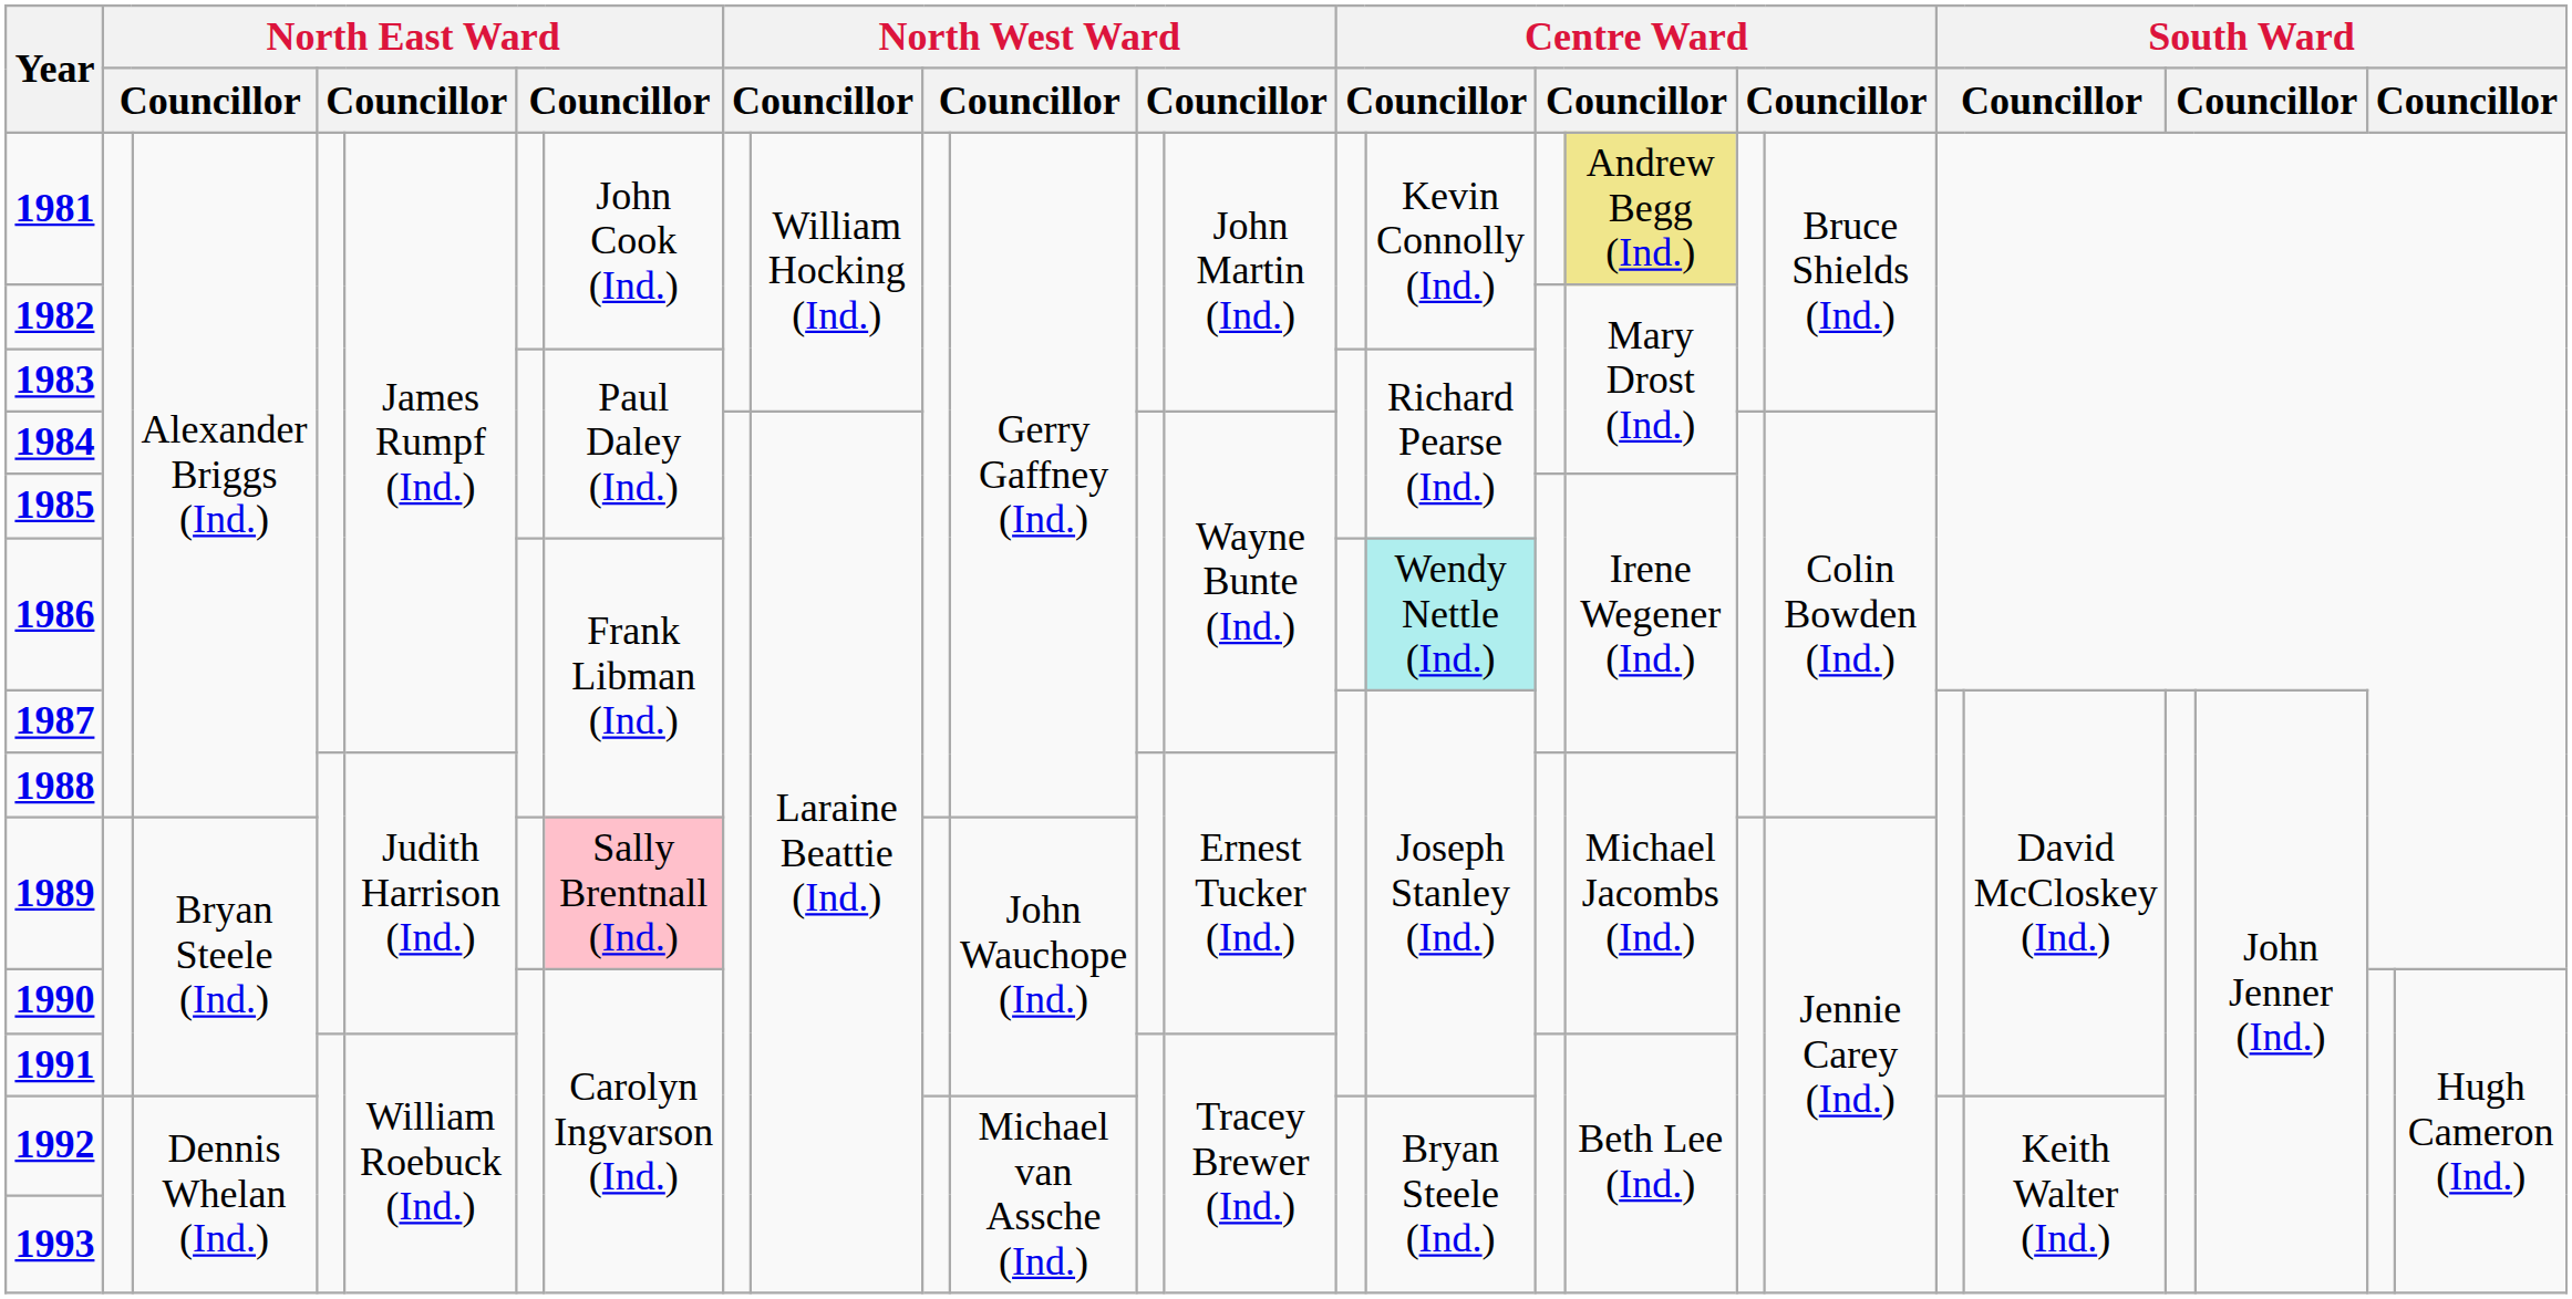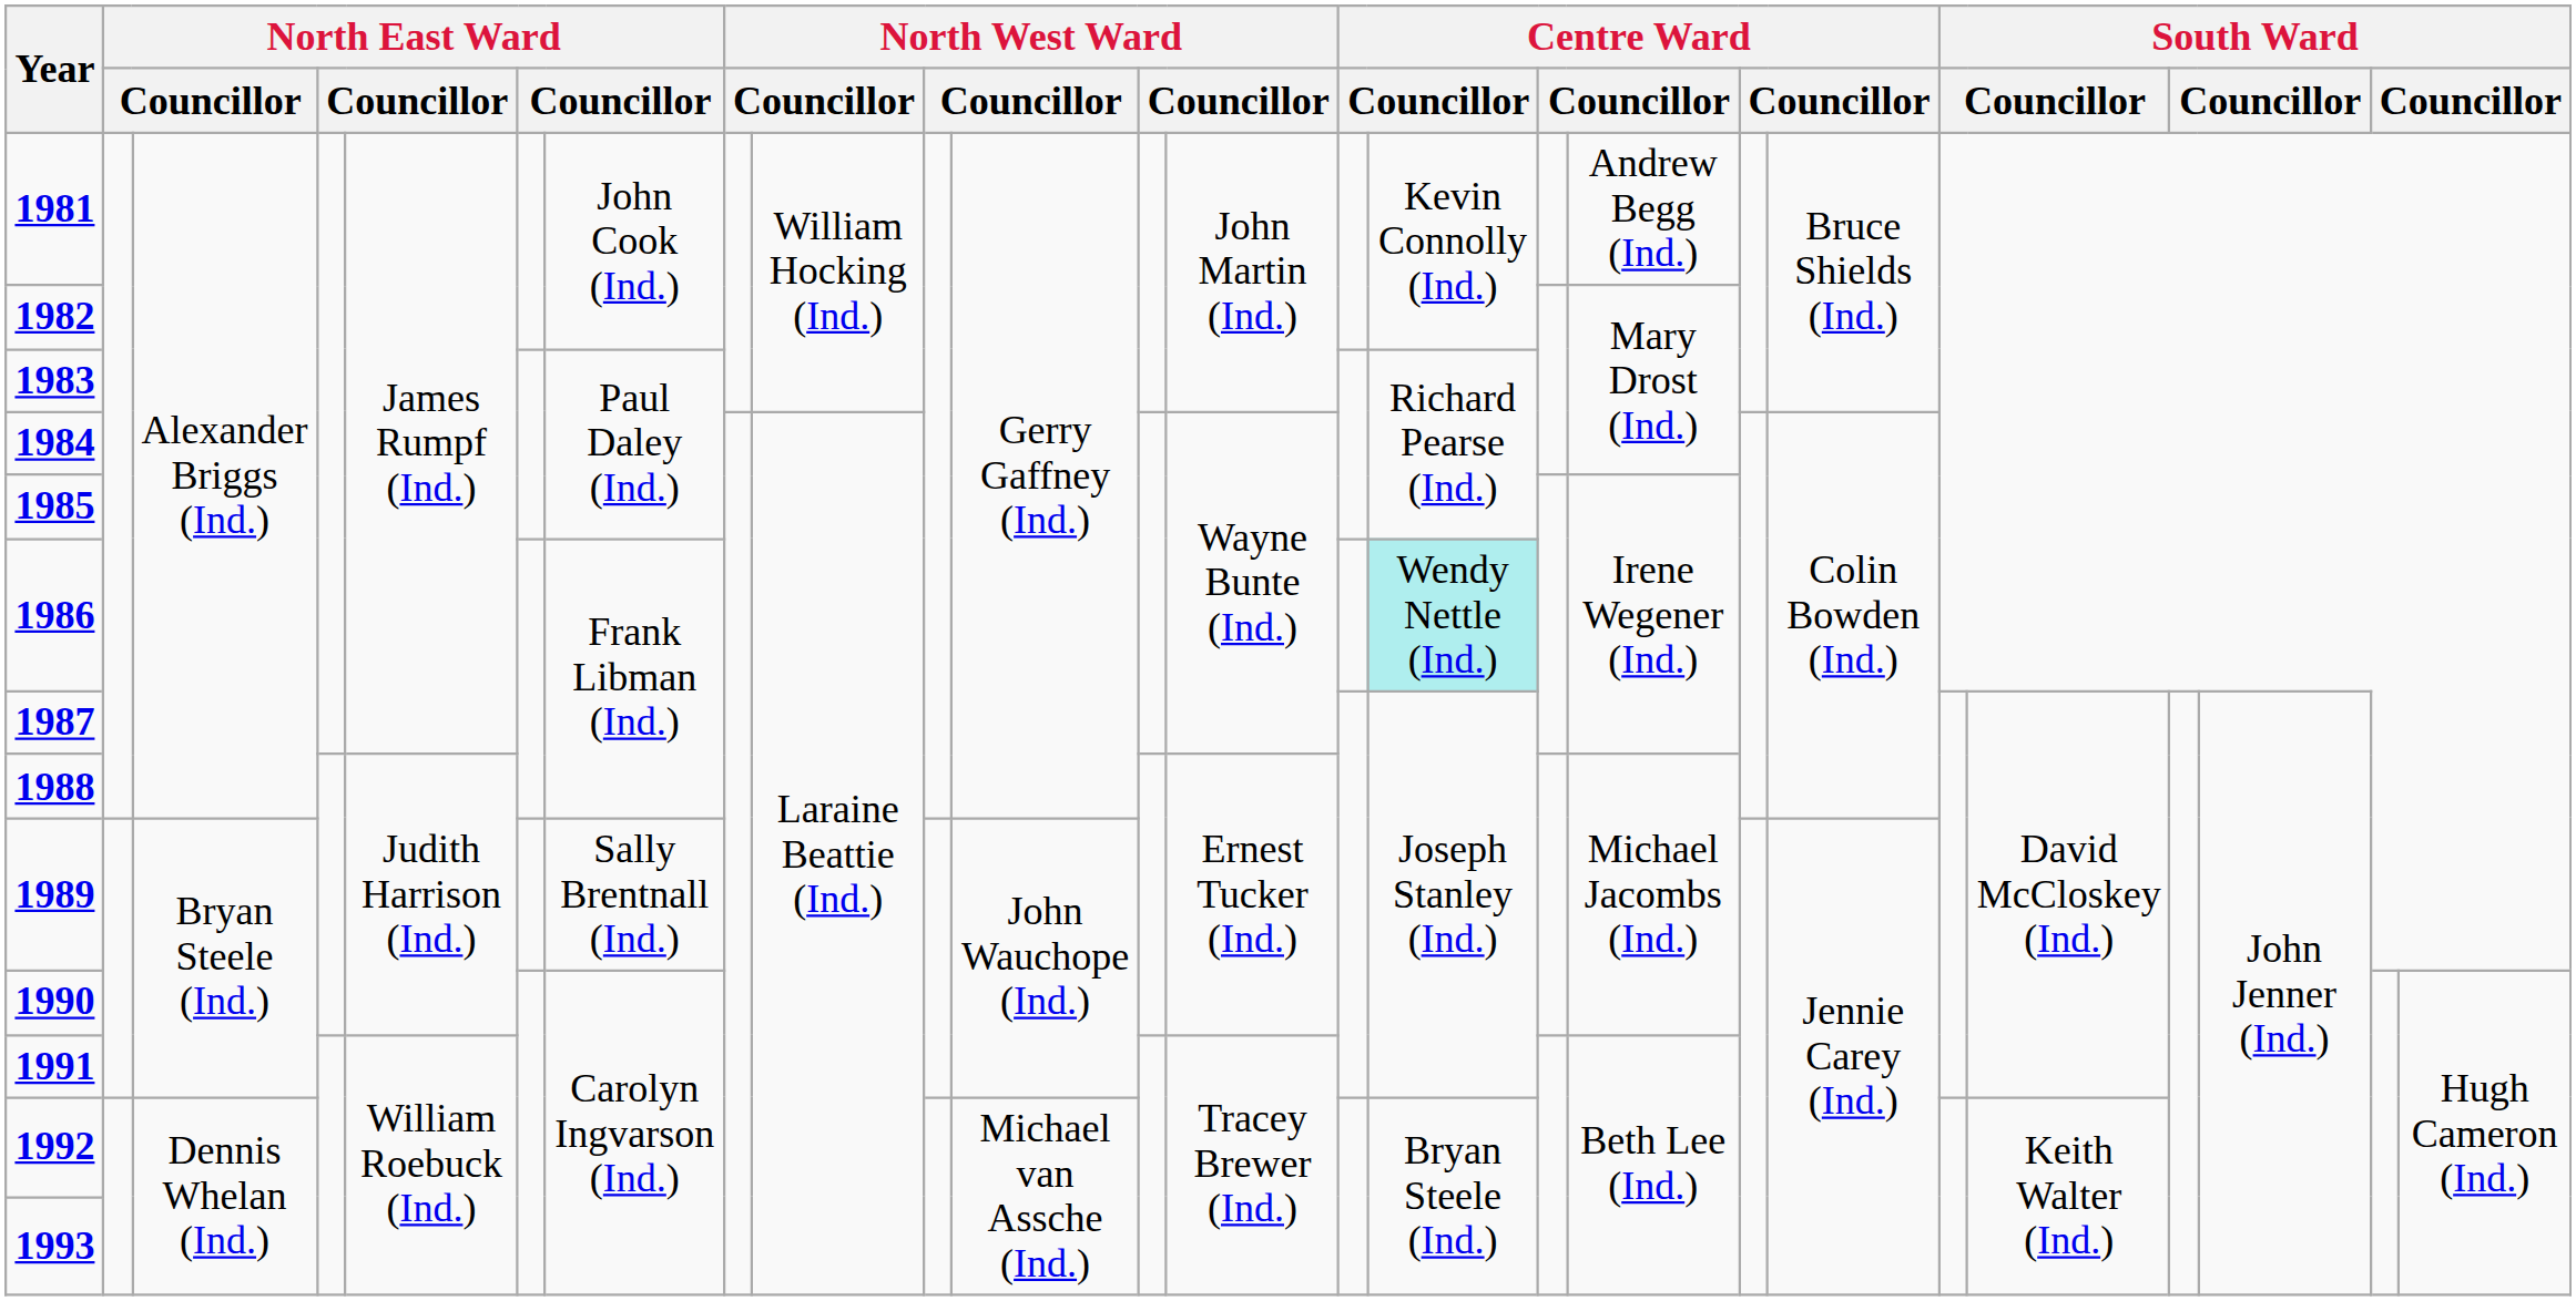 <table class="wikitable">
 <tr>
 <th rowspan="2">Year</th>
 <th style="color:crimson"; colspan="6">North East Ward</th>
 <th style="color:crimson"; colspan="6">North West Ward</th>
 <th style="color:crimson"; colspan="6">Centre Ward</th>
 <th style="color:crimson"; colspan="6">South Ward</th>
 </tr>
 <tr>
 <th colspan="2">Councillor</th>
 <th colspan="2">Councillor</th>
 <th colspan="2">Councillor</th>
 <th colspan="2">Councillor</th>
 <th colspan="2">Councillor</th>
 <th colspan="2">Councillor</th>
 <th colspan="2">Councillor</th>
 <th colspan="2">Councillor</th>
 <th colspan="2">Councillor</th>
 <th colspan="2">Councillor</th>
 <th colspan="2">Councillor</th>
 <th colspan="2">Councillor</th>
 </tr>
 <tr>
 <td><strong><a href='#'>1981</a></strong></td>
 <td rowspan="8" width="1px" > </td>
 <td rowspan="8"; align="center">Alexander Briggs <br> (<a href='#'>Ind.</a>)</td>
 <td rowspan="7" width="1px" > </td>
 <td rowspan="7"; align="center">James Rumpf <br> (<a href='#'>Ind.</a>)</td>
 <td rowspan="2" width="1px" > </td>
 <td rowspan="2"; align="center">John Cook <br> (<a href='#'>Ind.</a>)</td>
 <td rowspan="3" width="1px" > </td>
 <td rowspan="3"; align="center">William Hocking <br> (<a href='#'>Ind.</a>)</td>
 <td rowspan="8" width="1px" > </td>
 <td rowspan="8"; align="center">Gerry Gaffney <br> (<a href='#'>Ind.</a>)</td>
 <td rowspan="3" width="1px" > </td>
 <td rowspan="3"; align="center">John Martin <br> (<a href='#'>Ind.</a>)</td>
 <td rowspan="2" width="1px" > </td>
 <td rowspan="2"; align="center">Kevin Connolly <br> (<a href='#'>Ind.</a>)</td>
 <td rowspan="1" width="1px" > </td>
-<td rowspan="1"; align="center" style="background: khaki;">Andrew Begg <br> (<a href='#'>Ind.</a>)</td>
+<td rowspan="1"; align="center">Andrew Begg <br> (<a href='#'>Ind.</a>)</td>
 <td rowspan="3" width="1px" > </td>
 <td rowspan="3"; align="center">Bruce Shields <br> (<a href='#'>Ind.</a>)</td>
 </tr>
 <tr>
 <td><strong><a href='#'>1982</a></strong></td>
 <td rowspan="3" width="1px" > </td>
 <td rowspan="3"; align="center">Mary Drost <br> (<a href='#'>Ind.</a>)</td>
 </tr>
 <tr>
 <td><strong><a href='#'>1983</a></strong></td>
 <td rowspan="3" width="1px" > </td>
 <td rowspan="3"; align="center">Paul Daley <br> (<a href='#'>Ind.</a>)</td>
 <td rowspan="3" width="1px" > </td>
 <td rowspan="3"; align="center">Richard Pearse <br> (<a href='#'>Ind.</a>)</td>
 </tr>
 <tr>
 <td><strong><a href='#'>1984</a></strong></td>
 <td rowspan="10" width="1px" > </td>
 <td rowspan="10"; align="center">Laraine Beattie <br> (<a href='#'>Ind.</a>)</td>
 <td rowspan="4" width="1px" > </td>
 <td rowspan="4"; align="center">Wayne Bunte <br> (<a href='#'>Ind.</a>)</td>
 <td rowspan="5" width="1px" > </td>
 <td rowspan="5"; align="center">Colin Bowden <br> (<a href='#'>Ind.</a>)</td>
 </tr>
 <tr>
 <td><strong><a href='#'>1985</a></strong></td>
 <td rowspan="3" width="1px" > </td>
 <td rowspan="3"; align="center">Irene Wegener <br> (<a href='#'>Ind.</a>)</td>
 </tr>
 <tr>
 <td><strong><a href='#'>1986</a></strong></td>
 <td rowspan="3" width="1px" > </td>
 <td rowspan="3"; align="center">Frank Libman <br> (<a href='#'>Ind.</a>)</td>
 <td rowspan="1" width="1px" > </td>
 <td rowspan="1"; align="center" style="background: paleturquoise;">Wendy Nettle <br> (<a href='#'>Ind.</a>)</td>
 </tr>
 <tr>
 <td><strong><a href='#'>1987</a></strong></td>
 <td rowspan="5" width="1px" > </td>
 <td rowspan="5"; align="center">Joseph Stanley <br> (<a href='#'>Ind.</a>)</td>
 <td rowspan="5" width="1px" > </td>
 <td rowspan="5"; align="center">David McCloskey <br> (<a href='#'>Ind.</a>)</td>
 <td rowspan="10" width="1px" > </td>
 <td rowspan="10"; align="center">John Jenner <br> (<a href='#'>Ind.</a>)</td>
 </tr>
 <tr>
 <td><strong><a href='#'>1988</a></strong></td>
 <td rowspan="3" width="1px" > </td>
 <td rowspan="3"; align="center">Judith Harrison <br> (<a href='#'>Ind.</a>)</td>
 <td rowspan="3" width="1px" > </td>
 <td rowspan="3"; align="center">Ernest Tucker <br> (<a href='#'>Ind.</a>)</td>
 <td rowspan="3" width="1px" > </td>
 <td rowspan="3"; align="center">Michael Jacombs <br> (<a href='#'>Ind.</a>)</td>
 </tr>
 <tr>
 <td><strong><a href='#'>1989</a></strong></td>
 <td rowspan="3" width="1px" > </td>
 <td rowspan="3"; align="center">Bryan Steele <br> (<a href='#'>Ind.</a>)</td>
 <td rowspan="1" width="1px" > </td>
-<td rowspan="1"; align="center" style="background: pink;">Sally Brentnall <br> (<a href='#'>Ind.</a>)</td>
+<td rowspan="1"; align="center">Sally Brentnall <br> (<a href='#'>Ind.</a>)</td>
 <td rowspan="3" width="1px" > </td>
 <td rowspan="3"; align="center">John Wauchope <br> (<a href='#'>Ind.</a>)</td>
 <td rowspan="7" width="1px" > </td>
 <td rowspan="7"; align="center">Jennie Carey <br> (<a href='#'>Ind.</a>)</td>
 </tr>
 <tr>
 <td><strong><a href='#'>1990</a></strong></td>
 <td rowspan="7" width="1px" > </td>
 <td rowspan="7"; align="center">Carolyn Ingvarson <br> (<a href='#'>Ind.</a>)</td>
 <td rowspan="7" width="1px" > </td>
 <td rowspan="7"; align="center">Hugh Cameron <br> (<a href='#'>Ind.</a>)</td>
 </tr>
 <tr>
 <td><strong><a href='#'>1991</a></strong></td>
 <td rowspan="7" width="1px" > </td>
 <td rowspan="7"; align="center">William Roebuck <br> (<a href='#'>Ind.</a>)</td>
 <td rowspan="7" width="1px" > </td>
 <td rowspan="7"; align="center">Tracey Brewer <br> (<a href='#'>Ind.</a>)</td>
 <td rowspan="7" width="1px" > </td>
 <td rowspan="7"; align="center">Beth Lee <br> (<a href='#'>Ind.</a>)</td>
 </tr>
 <tr>
 <td><strong><a href='#'>1992</a></strong></td>
 <td rowspan="7" width="1px" > </td>
 <td rowspan="7"; align="center">Dennis Whelan <br> (<a href='#'>Ind.</a>)</td>
 <td rowspan="7" width="1px" > </td>
 <td rowspan="7"; align="center">Michael van Assche <br> (<a href='#'>Ind.</a>)</td>
 <td rowspan="7" width="1px" > </td>
 <td rowspan="7"; align="center">Bryan Steele <br> (<a href='#'>Ind.</a>)</td>
 <td rowspan="7" width="1px" > </td>
 <td rowspan="7"; align="center">Keith Walter <br> (<a href='#'>Ind.</a>)</td>
 </tr>
 <tr>
 <td><strong><a href='#'>1993</a></strong></td>
 </tr>
 </table>
